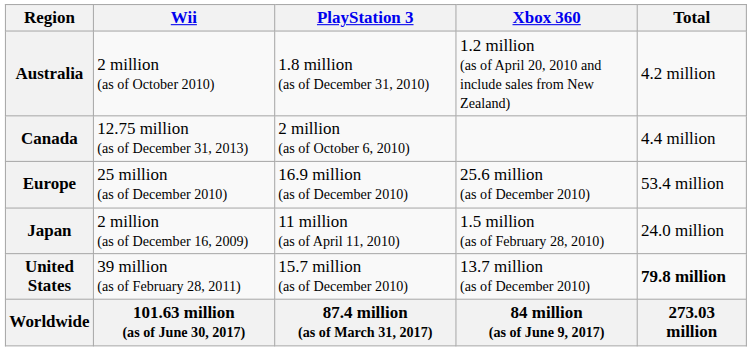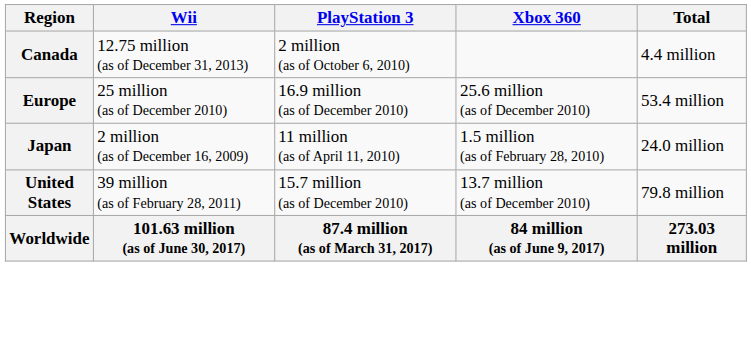 <table class="wikitable sortable" style="width:700px; align:center; margin:auto;">
 <tr>
 <th style="width: 10%;">Region</th>
 <th style="width: 25%;"><a href='#'>Wii</a></th>
 <th style="width: 25%;"><a href='#'>PlayStation 3</a></th>
 <th style="width: 25%;"><a href='#'>Xbox 360</a></th>
 <th style="width: 15%;">Total</th>
-</tr>
-<tr>
-<th>Australia</th>
-<td>2 million<br><small>(as of October 2010)</small></td>
-<td>1.8 million<br><small>(as of December 31, 2010)</small></td>
-<td>1.2 million<br><small>(as of April 20, 2010 and include sales from New Zealand)</small></td>
-<td>4.2 million</td>
 </tr>
 <tr>
 <th>Canada</th>
 <td>12.75 million<br><small>(as of December 31, 2013)</small></td>
 <td>2 million<br><small>(as of October 6, 2010)</small></td>
 <td></td>
 <td>4.4 million</td>
 </tr>
 <tr>
 <th>Europe</th>
 <td>25 million<br><small>(as of December 2010)</small></td>
 <td>16.9 million<br><small>(as of December 2010)</small></td>
 <td>25.6 million<br><small>(as of December 2010)</small></td>
 <td>53.4 million</td>
 </tr>
 <tr>
 <th>Japan</th>
 <td>2 million<br><small>(as of December 16, 2009)</small></td>
 <td>11 million<br><small>(as of April 11, 2010)</small></td>
 <td>1.5 million<br><small>(as of February 28, 2010)</small></td>
 <td>24.0 million</td>
 </tr>
 <tr>
 <th>United States</th>
 <td>39 million<br><small>(as of February 28, 2011)</small></td>
 <td>15.7 million<br><small>(as of December 2010)</small></td>
 <td>13.7 million<br><small>(as of December 2010)</small></td>
-<td><strong>79.8 million</strong></td>
+<td>79.8 million</td>
 </tr>
 <tr>
 <th>Worldwide</th>
 <th>101.63 million<br><small>(as of June 30, 2017)</small></th>
 <th>87.4 million<br><small>(as of March 31, 2017)</small></th>
 <th>84 million<br><small>(as of June 9, 2017)</small></th>
 <th>273.03 million</th>
 </tr>
 </table>
